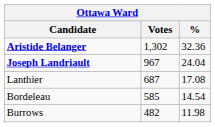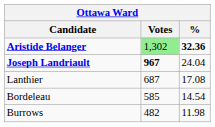 <table class="wikitable">
 <tr>
 <th colspan="3"><a href='#'>Ottawa Ward</a></th>
 </tr>
 <tr>
 <th style="width: 200px">Candidate</th>
 <th style="width: 50px">Votes</th>
 <th style="width: 40px">%</th>
 </tr>
 <tr>
 <td><strong><a href='#'>Aristide Belanger</a></strong></td>
-<td>1,302</td>
-<td>32.36</td>
+<td style="background: lightgreen;">1,302</td>
+<td><strong>32.36</strong></td>
 </tr>
 <tr>
 <td><strong><a href='#'>Joseph Landriault</a></strong></td>
-<td>967</td>
+<td><strong>967</strong></td>
 <td>24.04</td>
 </tr>
 <tr>
 <td>Lanthier</td>
 <td>687</td>
 <td>17.08</td>
 </tr>
 <tr>
 <td>Bordeleau</td>
 <td>585</td>
 <td>14.54</td>
 </tr>
 <tr>
 <td>Burrows</td>
 <td>482</td>
 <td>11.98</td>
 </tr>
 </table>
